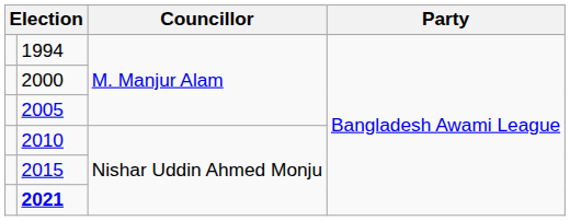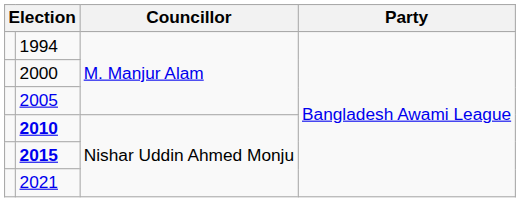 <table class="wikitable">
 <tr>
 <th colspan="2">Election</th>
 <th>Councillor</th>
 <th>Party</th>
 </tr>
 <tr>
 <td style="background-color:"></td>
 <td>1994</td>
 <td rowspan="3"><a href='#'>M. Manjur Alam</a></td>
 <td rowspan="6"><a href='#'>Bangladesh Awami League</a></td>
 </tr>
 <tr>
 <td style="background-color:"></td>
 <td>2000</td>
 </tr>
 <tr>
 <td style="background-color:"></td>
 <td><a href='#'>2005</a></td>
 </tr>
 <tr>
 <td style="background-color:"></td>
-<td><a href='#'>2010</a></td>
+<td><strong><a href='#'>2010</a></strong></td>
 <td rowspan="3">Nishar Uddin Ahmed Monju</td>
 </tr>
 <tr>
 <td style="background-color:"></td>
-<td><a href='#'>2015</a></td>
+<td><strong><a href='#'>2015</a></strong></td>
 </tr>
 <tr>
 <td style="background-color:"></td>
-<td><strong><a href='#'>2021</a></strong></td>
+<td><a href='#'>2021</a></td>
 </tr>
 </table>
